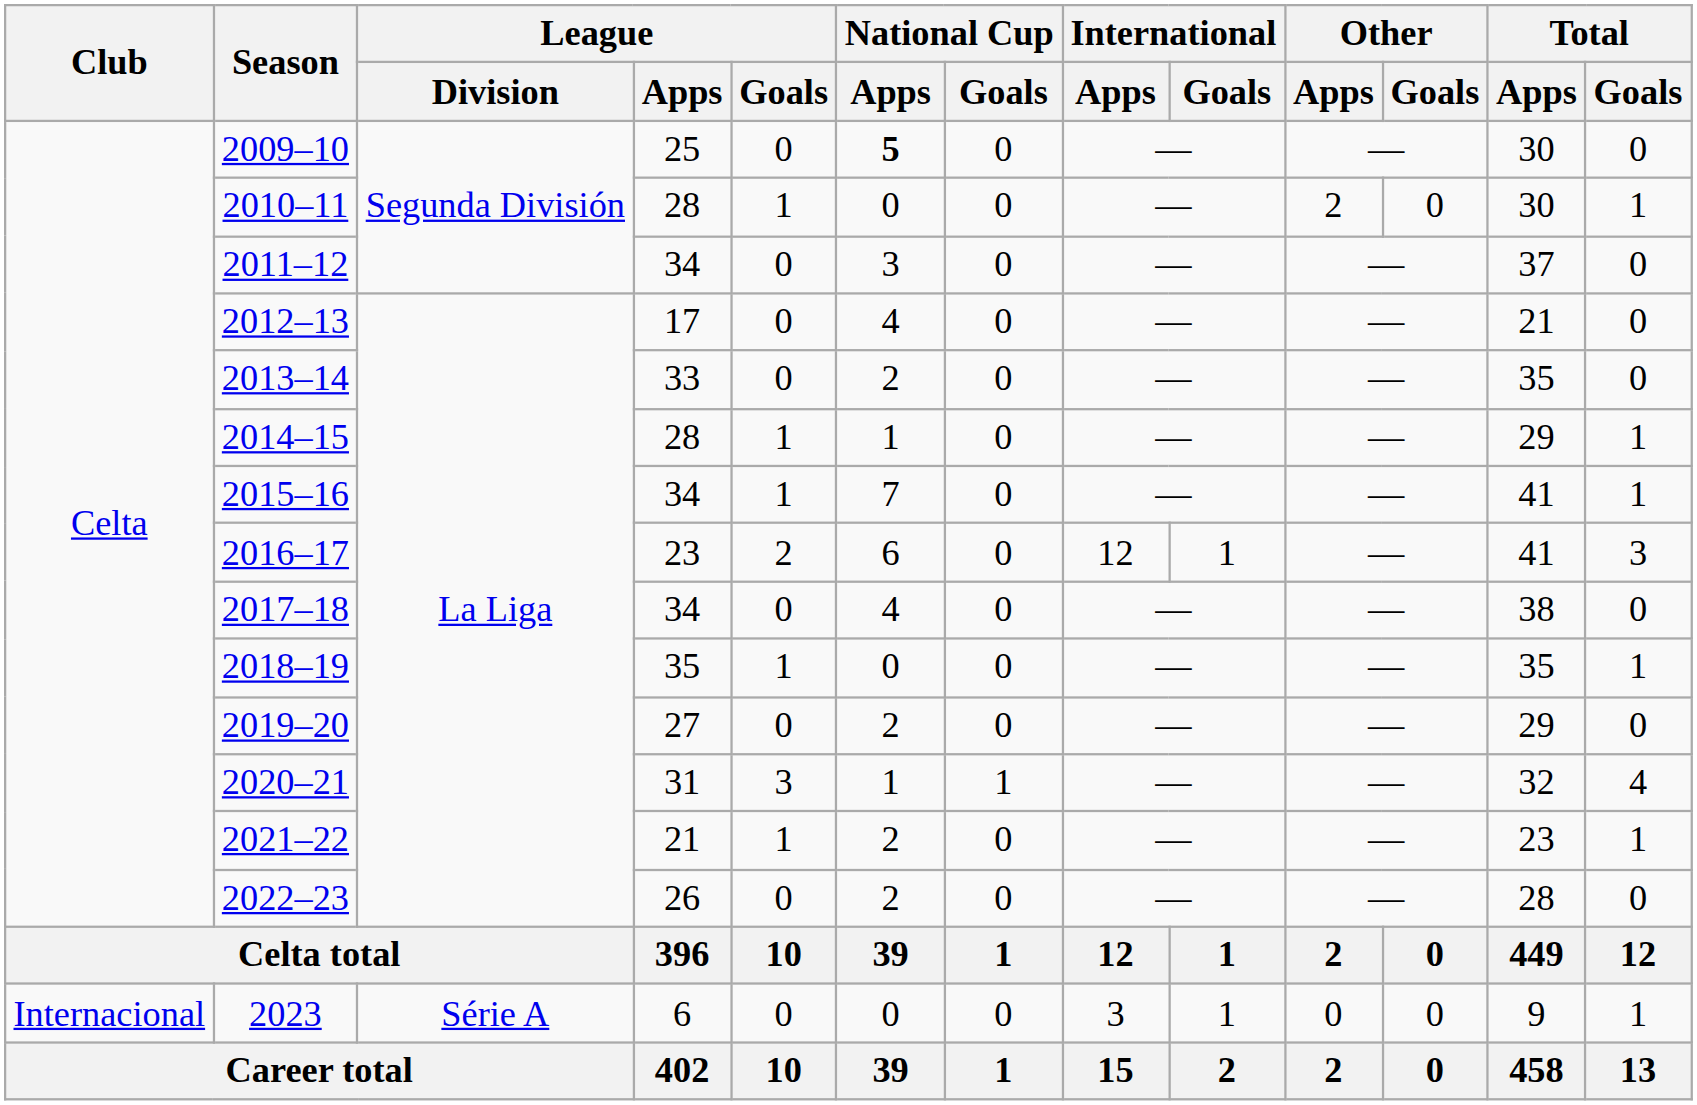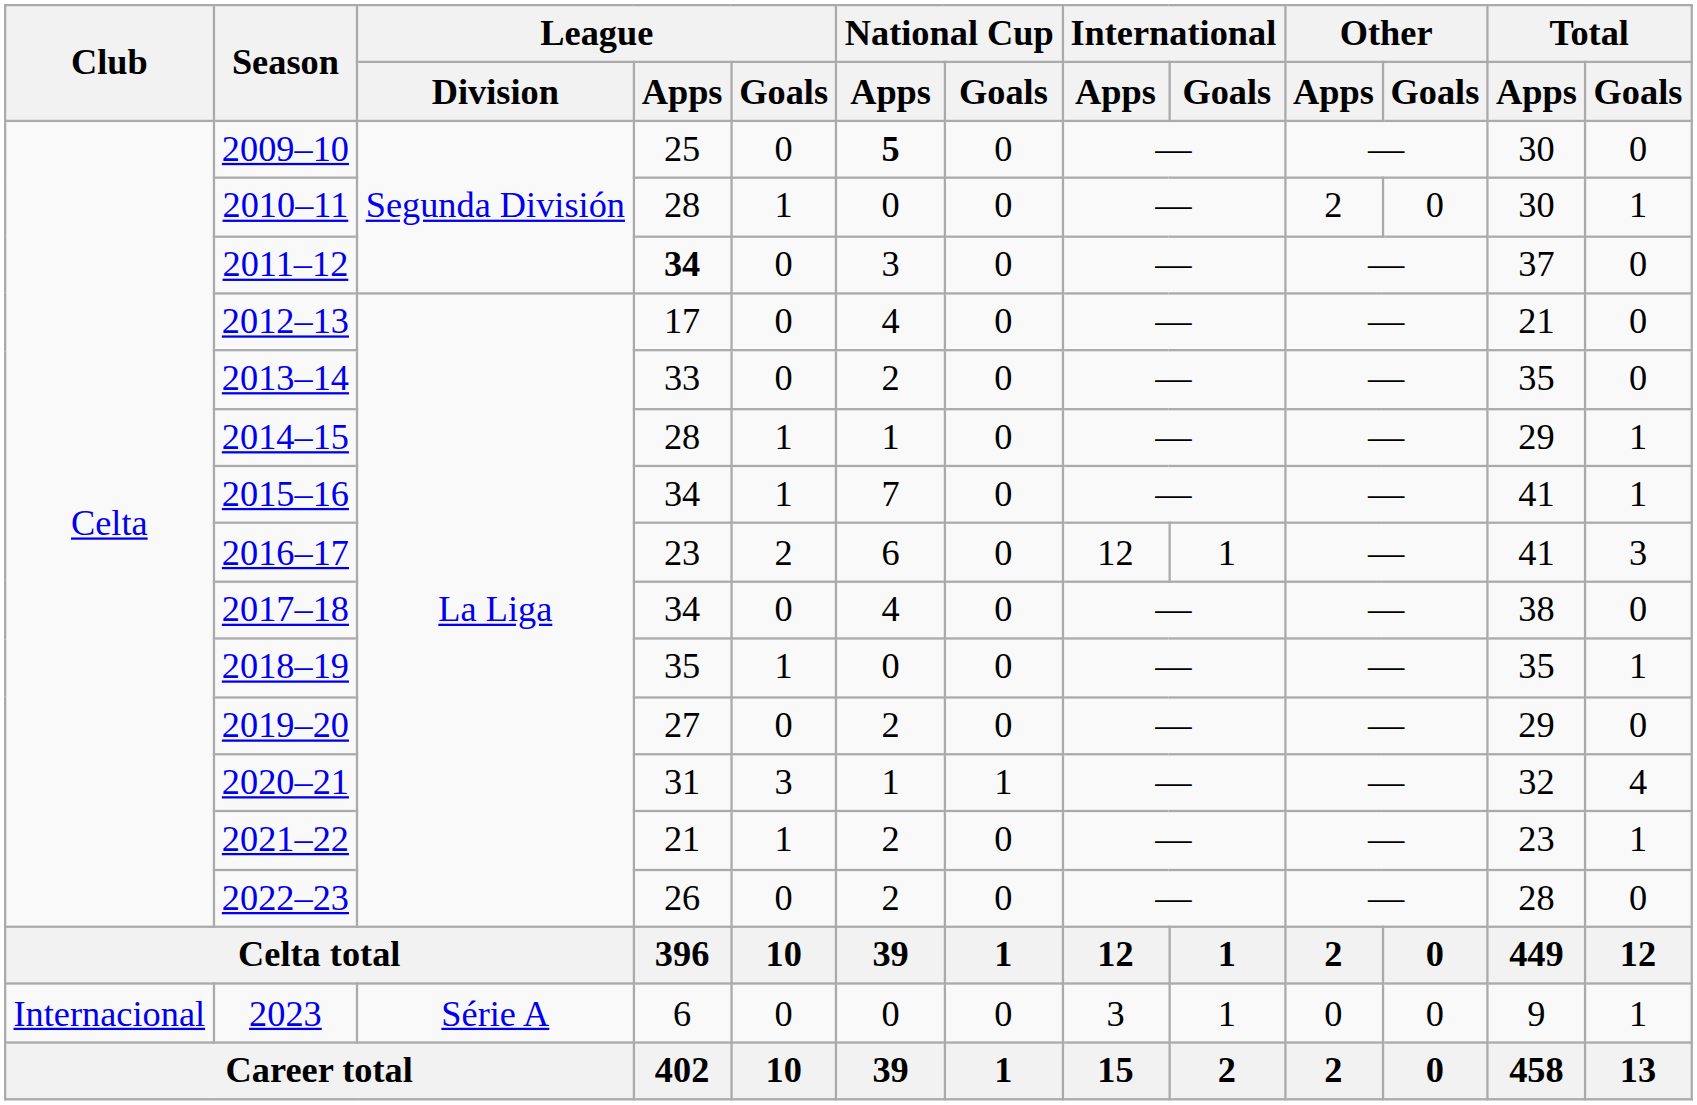 <table class="wikitable" style="text-align: center">
 <tr>
 <th rowspan="2">Club</th>
 <th rowspan="2">Season</th>
 <th colspan="3">League</th>
 <th colspan="2">National Cup</th>
 <th colspan="2">International</th>
 <th colspan="2">Other</th>
 <th colspan="2">Total</th>
 </tr>
 <tr>
 <th>Division</th>
 <th>Apps</th>
 <th>Goals</th>
 <th>Apps</th>
 <th>Goals</th>
 <th>Apps</th>
 <th>Goals</th>
 <th>Apps</th>
 <th>Goals</th>
 <th>Apps</th>
 <th>Goals</th>
 </tr>
 <tr>
 <td rowspan="14"><a href='#'>Celta</a></td>
 <td><a href='#'>2009–10</a></td>
 <td rowspan="3"><a href='#'>Segunda División</a></td>
 <td>25</td>
 <td>0</td>
 <td><strong>5</strong></td>
 <td>0</td>
 <td colspan="2">—</td>
 <td colspan="2">—</td>
 <td>30</td>
 <td>0</td>
 </tr>
 <tr>
 <td><a href='#'>2010–11</a></td>
 <td>28</td>
 <td>1</td>
 <td>0</td>
 <td>0</td>
 <td colspan="2">—</td>
 <td>2</td>
 <td>0</td>
 <td>30</td>
 <td>1</td>
 </tr>
 <tr>
 <td><a href='#'>2011–12</a></td>
-<td>34</td>
+<td><strong>34</strong></td>
 <td>0</td>
 <td>3</td>
 <td>0</td>
 <td colspan="2">—</td>
 <td colspan="2">—</td>
 <td>37</td>
 <td>0</td>
 </tr>
 <tr>
 <td><a href='#'>2012–13</a></td>
 <td rowspan="11"><a href='#'>La Liga</a></td>
 <td>17</td>
 <td>0</td>
 <td>4</td>
 <td>0</td>
 <td colspan="2">—</td>
 <td colspan="2">—</td>
 <td>21</td>
 <td>0</td>
 </tr>
 <tr>
 <td><a href='#'>2013–14</a></td>
 <td>33</td>
 <td>0</td>
 <td>2</td>
 <td>0</td>
 <td colspan="2">—</td>
 <td colspan="2">—</td>
 <td>35</td>
 <td>0</td>
 </tr>
 <tr>
 <td><a href='#'>2014–15</a></td>
 <td>28</td>
 <td>1</td>
 <td>1</td>
 <td>0</td>
 <td colspan="2">—</td>
 <td colspan="2">—</td>
 <td>29</td>
 <td>1</td>
 </tr>
 <tr>
 <td><a href='#'>2015–16</a></td>
 <td>34</td>
 <td>1</td>
 <td>7</td>
 <td>0</td>
 <td colspan="2">—</td>
 <td colspan="2">—</td>
 <td>41</td>
 <td>1</td>
 </tr>
 <tr>
 <td><a href='#'>2016–17</a></td>
 <td>23</td>
 <td>2</td>
 <td>6</td>
 <td>0</td>
 <td>12</td>
 <td>1</td>
 <td colspan="2">—</td>
 <td>41</td>
 <td>3</td>
 </tr>
 <tr>
 <td><a href='#'>2017–18</a></td>
 <td>34</td>
 <td>0</td>
 <td>4</td>
 <td>0</td>
 <td colspan="2">—</td>
 <td colspan="2">—</td>
 <td>38</td>
 <td>0</td>
 </tr>
 <tr>
 <td><a href='#'>2018–19</a></td>
 <td>35</td>
 <td>1</td>
 <td>0</td>
 <td>0</td>
 <td colspan="2">—</td>
 <td colspan="2">—</td>
 <td>35</td>
 <td>1</td>
 </tr>
 <tr>
 <td><a href='#'>2019–20</a></td>
 <td>27</td>
 <td>0</td>
 <td>2</td>
 <td>0</td>
 <td colspan="2">—</td>
 <td colspan="2">—</td>
 <td>29</td>
 <td>0</td>
 </tr>
 <tr>
 <td><a href='#'>2020–21</a></td>
 <td>31</td>
 <td>3</td>
 <td>1</td>
 <td>1</td>
 <td colspan="2">—</td>
 <td colspan="2">—</td>
 <td>32</td>
 <td>4</td>
 </tr>
 <tr>
 <td><a href='#'>2021–22</a></td>
 <td>21</td>
 <td>1</td>
 <td>2</td>
 <td>0</td>
 <td colspan="2">—</td>
 <td colspan="2">—</td>
 <td>23</td>
 <td>1</td>
 </tr>
 <tr>
 <td><a href='#'>2022–23</a></td>
 <td>26</td>
 <td>0</td>
 <td>2</td>
 <td>0</td>
 <td colspan="2">—</td>
 <td colspan="2">—</td>
 <td>28</td>
 <td>0</td>
 </tr>
 <tr>
 <th colspan="3">Celta total</th>
 <th>396</th>
 <th>10</th>
 <th>39</th>
 <th>1</th>
 <th>12</th>
 <th>1</th>
 <th>2</th>
 <th>0</th>
 <th>449</th>
 <th>12</th>
 </tr>
 <tr>
 <td><a href='#'>Internacional</a></td>
 <td><a href='#'>2023</a></td>
 <td><a href='#'>Série A</a></td>
 <td>6</td>
 <td>0</td>
 <td>0</td>
 <td>0</td>
 <td>3</td>
 <td>1</td>
 <td>0</td>
 <td>0</td>
 <td>9</td>
 <td>1</td>
 </tr>
 <tr>
 <th colspan="3">Career total</th>
 <th>402</th>
 <th>10</th>
 <th>39</th>
 <th>1</th>
 <th>15</th>
 <th>2</th>
 <th>2</th>
 <th>0</th>
 <th>458</th>
 <th>13</th>
 </tr>
 </table>
